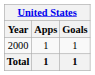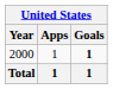 <table class="wikitable" style="text-align:center">
 <tr>
 <th colspan=3><a href='#'>United States</a></th>
 </tr>
 <tr>
 <th>Year</th>
 <th>Apps</th>
 <th>Goals</th>
 </tr>
 <tr>
 <td>2000</td>
 <td>1</td>
-<td>1</td>
+<td><strong>1</strong></td>
 </tr>
 <tr>
 <th>Total</th>
 <th>1</th>
 <th>1</th>
 </tr>
 </table>
